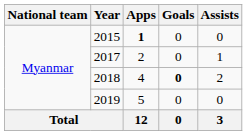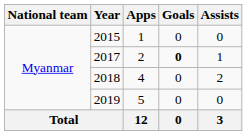 <table class=wikitable style=text-align:center>
 <tr>
 <th>National team</th>
 <th>Year</th>
 <th>Apps</th>
 <th>Goals</th>
 <th>Assists</th>
 </tr>
 <tr>
 <td rowspan=4><a href='#'>Myanmar</a></td>
 <td>2015</td>
-<td><strong>1</strong></td>
+<td>1</td>
 <td>0</td>
 <td>0</td>
 </tr>
 <tr>
 <td>2017</td>
 <td>2</td>
-<td>0</td>
+<td><strong>0</strong></td>
 <td>1</td>
 </tr>
 <tr>
 <td>2018</td>
 <td>4</td>
-<td><strong>0</strong></td>
+<td>0</td>
 <td>2</td>
 </tr>
 <tr>
 <td>2019</td>
 <td>5</td>
 <td>0</td>
 <td>0</td>
 </tr>
 <tr>
 <th colspan=2>Total</th>
 <th>12</th>
 <th>0</th>
 <th>3</th>
 </tr>
 </table>
